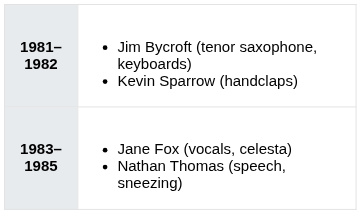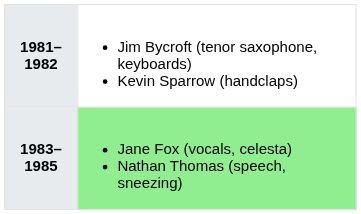 <table class="toccolours" border=1 cellpadding=2 cellspacing=0 style="; width: 375px; margin: 0 0 1em 1em; border-collapse: collapse; border: 1px solid #E2E2E2;">
 <tr>
 <th style="background:#e7ebee;"><strong>1981–1982</strong></th>
 <td><br><ul><li>Jim Bycroft (tenor saxophone, keyboards)</li><li>Kevin Sparrow (handclaps)</li></ul></td>
 </tr>
 <tr>
 <th style="background:#e7ebee;"><strong>1983–1985</strong></th>
-<td><br><ul><li>Jane Fox (vocals, celesta)</li><li>Nathan Thomas (speech, sneezing)</li></ul></td>
+<td style="background: lightgreen;"><br><ul><li>Jane Fox (vocals, celesta)</li><li>Nathan Thomas (speech, sneezing)</li></ul></td>
 </tr>
 </table>
